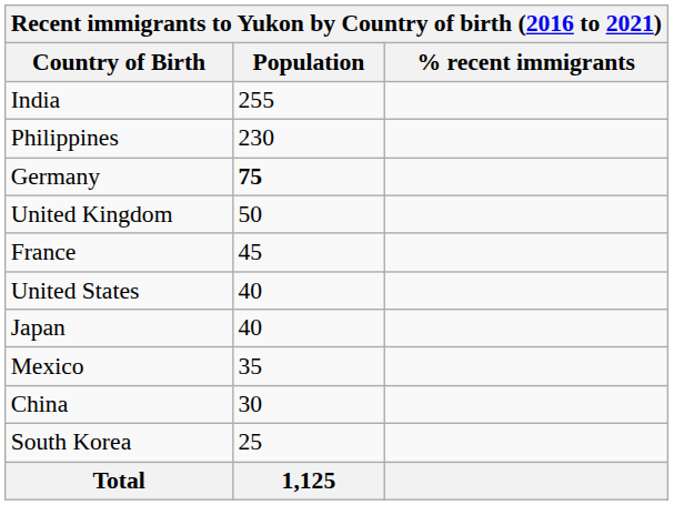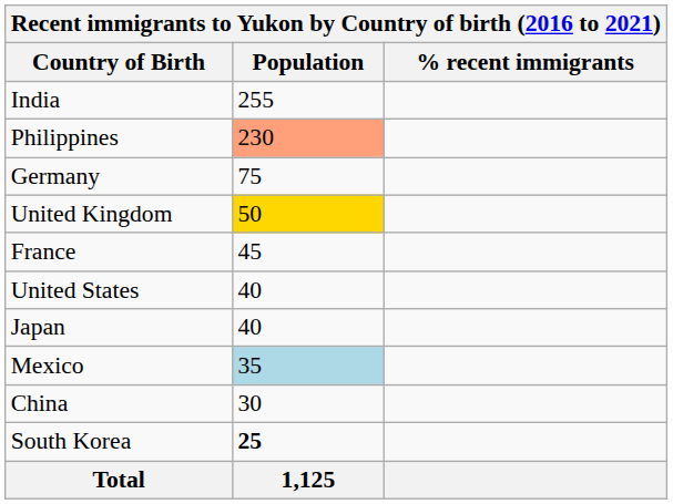 <table class="wikitable">
 <tr>
 <th colspan="4">Recent immigrants to Yukon by Country of birth (<a href='#'>2016</a> to <a href='#'>2021</a>)</th>
 </tr>
 <tr>
 <th>Country of Birth</th>
 <th>Population</th>
 <th>% recent immigrants</th>
 </tr>
 <tr>
 <td>India</td>
 <td>255</td>
 <td></td>
 </tr>
 <tr>
 <td>Philippines</td>
-<td>230</td>
+<td style="background: lightsalmon;">230</td>
 <td></td>
 </tr>
 <tr>
 <td>Germany</td>
-<td><strong>75</strong></td>
+<td>75</td>
 <td></td>
 </tr>
 <tr>
 <td>United Kingdom</td>
-<td>50</td>
+<td style="background: gold;">50</td>
 <td></td>
 </tr>
 <tr>
 <td>France</td>
 <td>45</td>
 <td></td>
 </tr>
 <tr>
 <td>United States</td>
 <td>40</td>
 <td></td>
 </tr>
 <tr>
 <td>Japan</td>
 <td>40</td>
 <td></td>
 </tr>
 <tr>
 <td>Mexico</td>
-<td>35</td>
+<td style="background: lightblue;">35</td>
 <td></td>
 </tr>
 <tr>
 <td>China</td>
 <td>30</td>
 <td></td>
 </tr>
 <tr>
 <td>South Korea</td>
-<td>25</td>
+<td><strong>25</strong></td>
 <td></td>
 </tr>
 <tr>
 <th>Total</th>
 <th>1,125</th>
 <th></th>
 </tr>
 </table>
